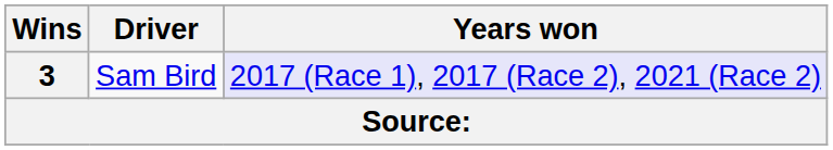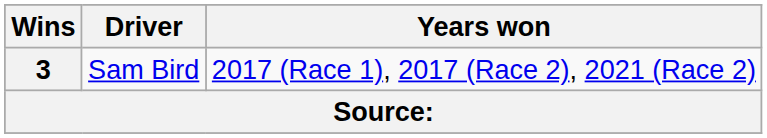 <table class="wikitable" style="font-size: 95%;">
 <tr>
 <th>Wins</th>
 <th>Driver</th>
 <th>Years won</th>
 </tr>
 <tr>
 <th>3</th>
 <td> <a href='#'>Sam Bird</a></td>
-<td style="background: lavender;"><a href='#'>2017 (Race 1)</a>, <a href='#'>2017 (Race 2)</a>, <a href='#'>2021 (Race 2)</a></td>
+<td><a href='#'>2017 (Race 1)</a>, <a href='#'>2017 (Race 2)</a>, <a href='#'>2021 (Race 2)</a></td>
 </tr>
 <tr>
 <th colspan=3>Source:</th>
 </tr>
 </table>
